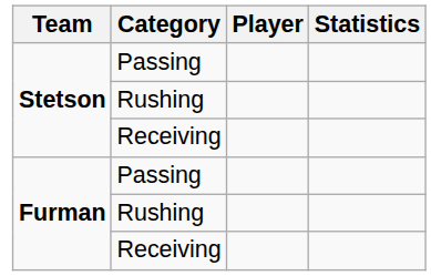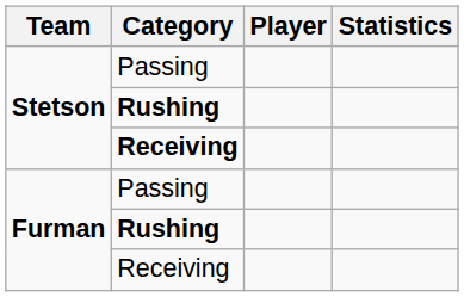 <table class="wikitable" style="float: right;">
 <tr>
 <th>Team</th>
 <th>Category</th>
 <th>Player</th>
 <th>Statistics</th>
 </tr>
 <tr>
 <td rowspan=3><strong>Stetson</strong></td>
 <td>Passing</td>
 <td></td>
 <td></td>
 </tr>
 <tr>
-<td>Rushing</td>
+<td><strong>Rushing</strong></td>
 <td></td>
 <td></td>
 </tr>
 <tr>
-<td>Receiving</td>
+<td><strong>Receiving</strong></td>
 <td></td>
 <td></td>
 </tr>
 <tr>
 <td rowspan=3><strong>Furman</strong></td>
 <td>Passing</td>
 <td></td>
 <td></td>
 </tr>
 <tr>
-<td>Rushing</td>
+<td><strong>Rushing</strong></td>
 <td></td>
 <td></td>
 </tr>
 <tr>
 <td>Receiving</td>
 <td></td>
 <td></td>
 </tr>
 </table>
